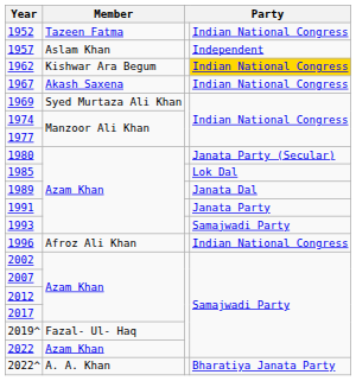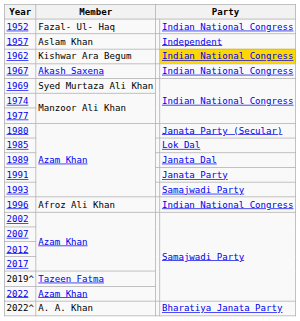 <table class="wikitable">
 <tr>
 <th>Year</th>
 <th>Member</th>
 <th colspan="2">Party</th>
 </tr>
 <tr>
 <td><a href='#'>1952</a></td>
-<td><a href='#'>Tazeen Fatma</a></td>
+<td>Fazal- Ul- Haq</td>
 <td style="background-color: "></td>
 <td><a href='#'>Indian National Congress</a></td>
 </tr>
 <tr>
 <td><a href='#'>1957</a></td>
 <td>Aslam Khan</td>
 <td style="background-color: "></td>
 <td><a href='#'>Independent</a></td>
 </tr>
 <tr>
 <td><a href='#'>1962</a></td>
 <td>Kishwar Ara Begum</td>
 <td style="background-color: "></td>
 <td style="background: gold;"><a href='#'>Indian National Congress</a></td>
 </tr>
 <tr>
 <td><a href='#'>1967</a></td>
 <td><a href='#'>Akash Saxena</a></td>
 <td style="background-color: "></td>
 <td><a href='#'>Indian National Congress</a></td>
 </tr>
 <tr>
 <td><a href='#'>1969</a></td>
 <td>Syed Murtaza Ali Khan</td>
 <td rowspan="3" style="background-color: "></td>
 <td rowspan="3"><a href='#'>Indian National Congress</a></td>
 </tr>
 <tr>
 <td><a href='#'>1974</a></td>
 <td rowspan="2">Manzoor Ali Khan</td>
 </tr>
 <tr>
 <td><a href='#'>1977</a></td>
 </tr>
 <tr>
 <td><a href='#'>1980</a></td>
 <td rowspan="5"><a href='#'>Azam Khan</a></td>
 <td style="background-color: "></td>
 <td><a href='#'>Janata Party (Secular)</a></td>
 </tr>
 <tr>
 <td><a href='#'>1985</a></td>
 <td style="background-color: "></td>
 <td><a href='#'>Lok Dal</a></td>
 </tr>
 <tr>
 <td><a href='#'>1989</a></td>
 <td style="background-color: "></td>
 <td><a href='#'>Janata Dal</a></td>
 </tr>
 <tr>
 <td><a href='#'>1991</a></td>
 <td style="background-color: "></td>
 <td><a href='#'>Janata Party</a></td>
 </tr>
 <tr>
 <td><a href='#'>1993</a></td>
 <td style="background-color: "></td>
 <td><a href='#'>Samajwadi Party</a></td>
 </tr>
 <tr>
 <td><a href='#'>1996</a></td>
 <td>Afroz Ali Khan</td>
 <td style="background-color: "></td>
 <td><a href='#'>Indian National Congress</a></td>
 </tr>
 <tr>
 <td><a href='#'>2002</a></td>
 <td rowspan="4"><a href='#'>Azam Khan</a></td>
 <td rowspan="6" style="background-color: "></td>
 <td rowspan="6"><a href='#'>Samajwadi Party</a></td>
 </tr>
 <tr>
 <td><a href='#'>2007</a></td>
 </tr>
 <tr>
 <td><a href='#'>2012</a></td>
 </tr>
 <tr>
 <td><a href='#'>2017</a></td>
 </tr>
 <tr>
 <td>2019^</td>
-<td>Fazal- Ul- Haq</td>
+<td><a href='#'>Tazeen Fatma</a></td>
 </tr>
 <tr>
 <td><a href='#'>2022</a></td>
 <td><a href='#'>Azam Khan</a></td>
 </tr>
 <tr>
 <td>2022^</td>
 <td>A.  A. Khan</td>
 <td style="background-color: "></td>
 <td><a href='#'>Bharatiya Janata Party</a></td>
 </tr>
 </table>
